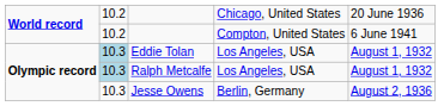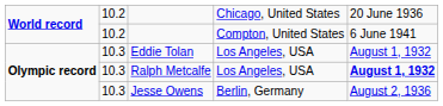 <table class="wikitable">
 <tr>
 <td rowspan=2><strong><a href='#'>World record</a></strong></td>
 <td align=center>10.2</td>
 <td></td>
 <td><a href='#'>Chicago</a>, United States</td>
 <td>20 June 1936</td>
 </tr>
 <tr>
 <td align=center>10.2</td>
 <td></td>
 <td><a href='#'>Compton</a>, United States</td>
 <td>6 June 1941</td>
 </tr>
 <tr>
 <td rowspan=3><strong>Olympic record</strong></td>
-<td align=center style="background: lightblue;">10.3</td>
+<td align=center>10.3</td>
 <td> <a href='#'>Eddie Tolan</a></td>
 <td><a href='#'>Los Angeles</a>, USA</td>
 <td><a href='#'>August 1, 1932</a></td>
 </tr>
 <tr>
-<td align=center style="background: lightblue;">10.3</td>
+<td align=center>10.3</td>
 <td> <a href='#'>Ralph Metcalfe</a></td>
 <td><a href='#'>Los Angeles</a>, USA</td>
-<td><a href='#'>August 1, 1932</a></td>
+<td><strong><a href='#'>August 1, 1932</a></strong></td>
 </tr>
 <tr>
 <td align=center>10.3</td>
 <td><a href='#'>Jesse Owens</a></td>
 <td><a href='#'>Berlin</a>, Germany</td>
 <td><a href='#'>August 2, 1936</a></td>
 </tr>
 </table>
